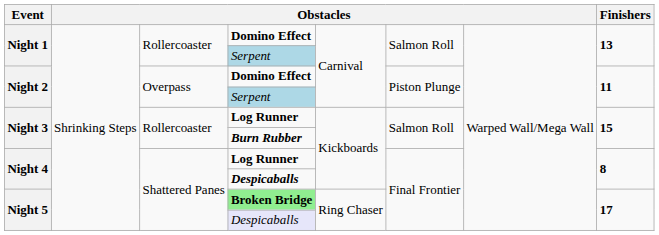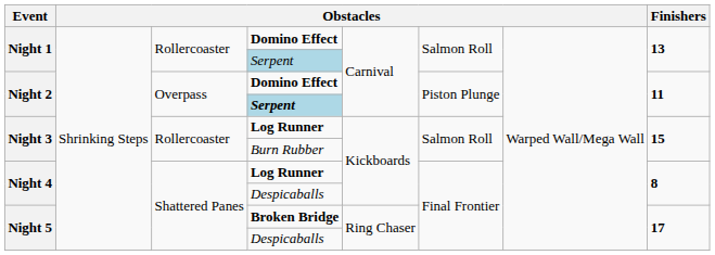 <table class="wikitable">
 <tr>
 <th>Event</th>
 <th colspan="6">Obstacles</th>
 <th>Finishers</th>
 </tr>
 <tr>
 <th rowspan="2">Night 1</th>
 <td rowspan="10">Shrinking Steps</td>
 <td rowspan="2">Rollercoaster</td>
 <td><strong>Domino Effect</strong></td>
 <td rowspan="4">Carnival</td>
 <td rowspan="2">Salmon Roll</td>
 <td rowspan="10">Warped Wall/Mega Wall</td>
 <td rowspan="2"><strong>13</strong></td>
 </tr>
 <tr>
 <td bgcolor=lightblue><em>Serpent</em></td>
 </tr>
 <tr>
 <th rowspan="2">Night 2</th>
 <td rowspan="2">Overpass</td>
 <td><strong>Domino Effect</strong></td>
 <td rowspan="2">Piston Plunge</td>
 <td rowspan="2"><strong>11</strong></td>
 </tr>
 <tr>
-<td bgcolor=lightblue><em>Serpent</em></td>
+<td bgcolor=lightblue><strong><em>Serpent</em></strong></td>
 </tr>
 <tr>
 <th rowspan="2">Night 3</th>
 <td rowspan="2">Rollercoaster</td>
 <td><strong>Log Runner</strong></td>
 <td rowspan="4">Kickboards</td>
 <td rowspan="2">Salmon Roll</td>
 <td rowspan="2"><strong>15</strong></td>
 </tr>
 <tr>
-<td><strong><em>Burn Rubber</em></strong></td>
+<td><em>Burn Rubber</em></td>
 </tr>
 <tr>
 <th rowspan="2">Night 4</th>
 <td rowspan="4">Shattered Panes</td>
 <td><strong>Log Runner</strong></td>
 <td rowspan="4">Final Frontier</td>
 <td rowspan="2"><strong>8</strong></td>
 </tr>
 <tr>
-<td><strong><em>Despicaballs</em></strong></td>
+<td><em>Despicaballs</em></td>
 </tr>
 <tr>
 <th rowspan="2">Night 5</th>
-<td style="background: lightgreen;"><strong>Broken Bridge</strong></td>
+<td><strong>Broken Bridge</strong></td>
 <td rowspan="2">Ring Chaser</td>
 <td rowspan="2"><strong>17</strong></td>
 </tr>
 <tr>
-<td style="background: lavender;"><em>Despicaballs</em></td>
+<td><em>Despicaballs</em></td>
 </tr>
 </table>
